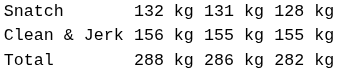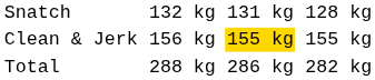 <table>
 <tr>
 <td>Snatch</td>
 <td></td>
 <td>132 kg</td>
 <td></td>
 <td>131 kg</td>
 <td></td>
 <td>128 kg</td>
 </tr>
 <tr>
 <td>Clean & Jerk</td>
 <td></td>
 <td>156 kg</td>
 <td></td>
-<td>155 kg</td>
+<td style="background: gold;">155 kg</td>
 <td></td>
 <td>155 kg</td>
 </tr>
 <tr>
 <td>Total</td>
 <td></td>
 <td>288 kg</td>
 <td></td>
 <td>286 kg</td>
 <td></td>
 <td>282 kg</td>
 </tr>
 </table>
